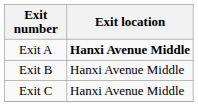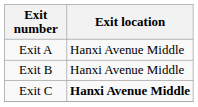 <table class="wikitable">
 <tr>
 <th style="width:70px" colspan="2">Exit number</th>
 <th>Exit location</th>
 </tr>
 <tr>
 <td align="center" colspan="2">Exit A</td>
-<td><strong>Hanxi Avenue Middle</strong></td>
+<td>Hanxi Avenue Middle</td>
 </tr>
 <tr>
 <td align="center" colspan="2">Exit B</td>
 <td>Hanxi Avenue Middle</td>
 </tr>
 <tr>
 <td align="center" colspan="2">Exit C</td>
-<td>Hanxi Avenue Middle</td>
+<td><strong>Hanxi Avenue Middle</strong></td>
 </tr>
 <tr>
 </tr>
 </table>
